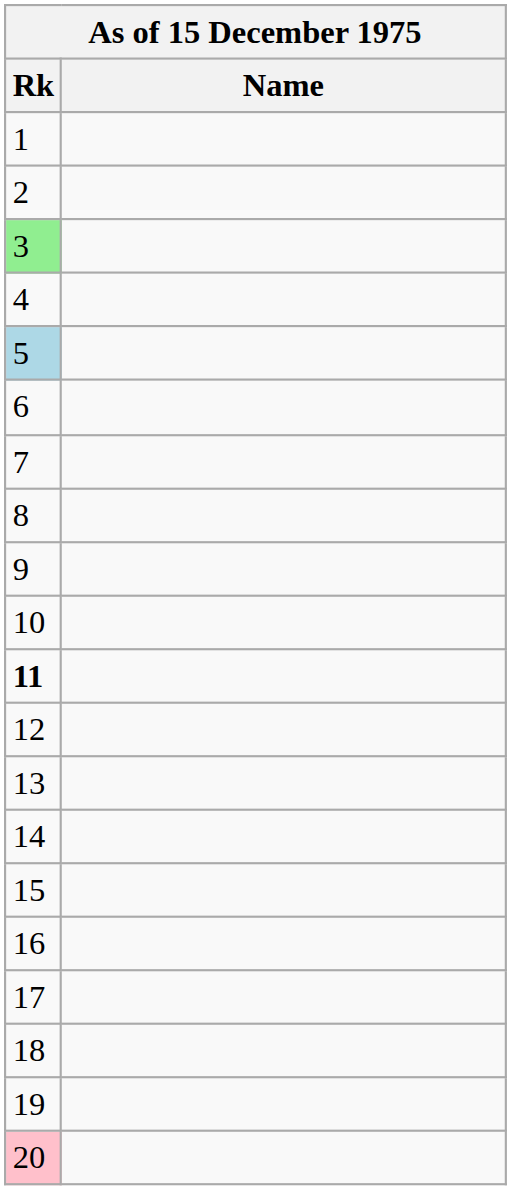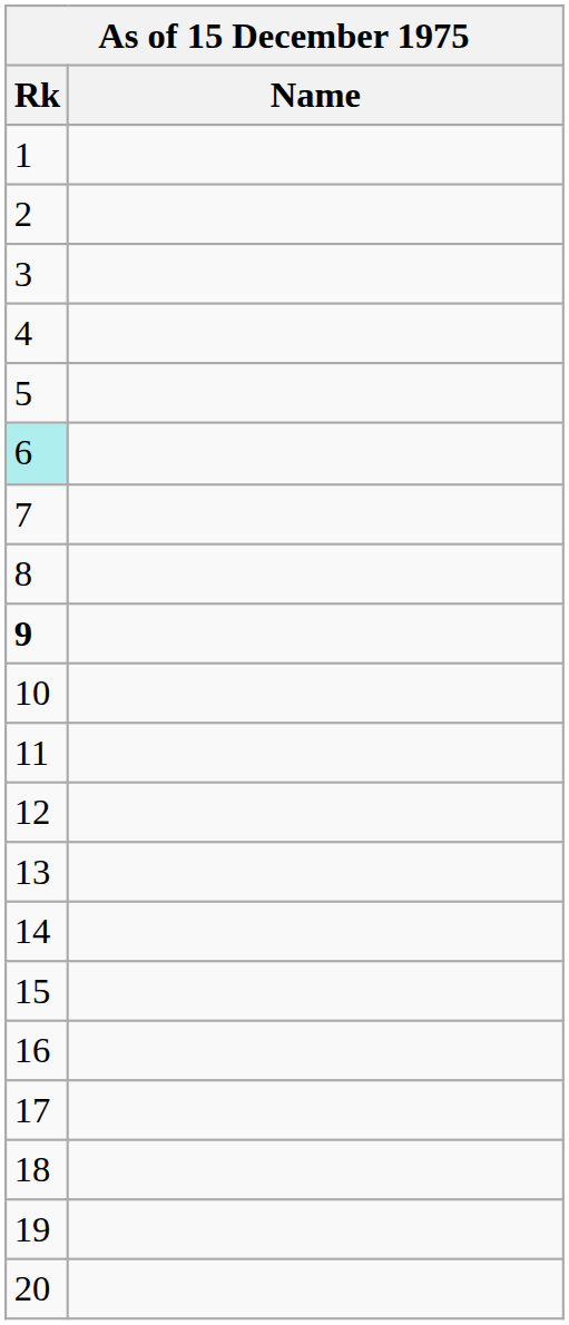 <table class="wikitable" style="font-size:95%">
 <tr>
 <th colspan="2">As of 15 December 1975</th>
 </tr>
 <tr>
 <th>Rk</th>
 <th style="width:200px;">Name</th>
 </tr>
 <tr>
 <td>1</td>
 <td></td>
 </tr>
 <tr>
 <td>2</td>
 <td></td>
 </tr>
 <tr>
-<td style="background: lightgreen;">3</td>
+<td>3</td>
 <td></td>
 </tr>
 <tr>
 <td>4</td>
 <td></td>
 </tr>
 <tr>
-<td style="background: lightblue;">5</td>
+<td>5</td>
 <td></td>
 </tr>
 <tr>
-<td>6</td>
+<td style="background: paleturquoise;">6</td>
 <td></td>
 </tr>
 <tr>
 <td>7</td>
 <td></td>
 </tr>
 <tr>
 <td>8</td>
 <td></td>
 </tr>
 <tr>
-<td>9</td>
+<td><strong>9</strong></td>
 <td></td>
 </tr>
 <tr>
 <td>10</td>
 <td></td>
 </tr>
 <tr>
-<td><strong>11</strong></td>
+<td>11</td>
 <td></td>
 </tr>
 <tr>
 <td>12</td>
 <td></td>
 </tr>
 <tr>
 <td>13</td>
 <td></td>
 </tr>
 <tr>
 <td>14</td>
 <td></td>
 </tr>
 <tr>
 <td>15</td>
 <td></td>
 </tr>
 <tr>
 <td>16</td>
 <td></td>
 </tr>
 <tr>
 <td>17</td>
 <td></td>
 </tr>
 <tr>
 <td>18</td>
 <td></td>
 </tr>
 <tr>
 <td>19</td>
 <td></td>
 </tr>
 <tr>
-<td style="background: pink;">20</td>
+<td>20</td>
 <td></td>
 </tr>
 </table>
